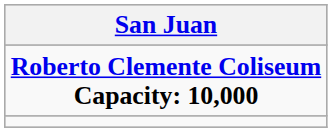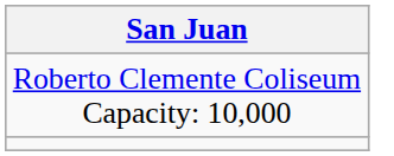 <table class="wikitable" style="text-align:center;">
 <tr>
 <th><a href='#'>San Juan</a></th>
 </tr>
 <tr>
-<td><strong><a href='#'>Roberto Clemente Coliseum</a><br>Capacity: 10,000</strong></td>
+<td><a href='#'>Roberto Clemente Coliseum</a><br>Capacity: 10,000</td>
 </tr>
 <tr>
 <td></td>
 </tr>
 </table>
